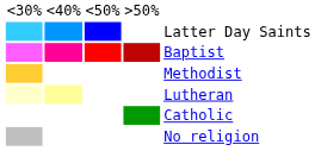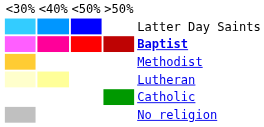 <table>
 <tr>
 <td><30%</td>
 <td><40%</td>
 <td><50%</td>
 <td>>50%</td>
 </tr>
 <tr>
 <td style="background-color: #33ccff;"></td>
 <td style="background-color: #0096ff;"></td>
 <td style="background-color: #0000ff;"></td>
 <td></td>
 <td>Latter Day Saints</td>
 </tr>
 <tr>
 <td style="background-color: #ff5eff;"></td>
 <td style="background-color: #ff0099;"></td>
 <td style="background-color: #ff0000;"></td>
 <td style="background-color: #be0303;"></td>
-<td><a href='#'>Baptist</a></td>
+<td><strong><a href='#'>Baptist</a></strong></td>
 </tr>
 <tr>
 <td style="background-color: #ffcc33;"></td>
 <td></td>
 <td></td>
 <td></td>
 <td><a href='#'>Methodist</a></td>
 </tr>
 <tr>
 <td style="background-color: #ffffcc;"></td>
 <td style="background-color: #ffff99;"></td>
 <td></td>
 <td></td>
 <td><a href='#'>Lutheran</a></td>
 </tr>
 <tr>
 <td></td>
 <td></td>
 <td></td>
 <td style="background-color: #009900;"></td>
 <td><a href='#'>Catholic</a></td>
 </tr>
 <tr>
 <td style="background-color: #c0c0c0;"></td>
 <td></td>
 <td></td>
 <td></td>
 <td><a href='#'>No religion</a></td>
 </tr>
 </table>
